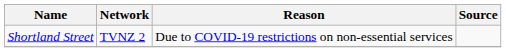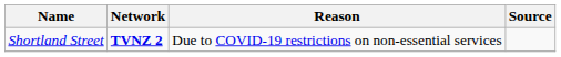 <table class="wikitable sortable">
 <tr>
 <th>Name</th>
 <th>Network</th>
 <th>Reason</th>
 <th>Source</th>
 </tr>
 <tr>
 <td><em><a href='#'>Shortland Street</a></em></td>
-<td><a href='#'>TVNZ 2</a></td>
+<td><strong><a href='#'>TVNZ 2</a></strong></td>
 <td>Due to <a href='#'>COVID-19 restrictions</a> on non-essential services</td>
 <td></td>
 </tr>
 <tr>
 </tr>
 </table>
